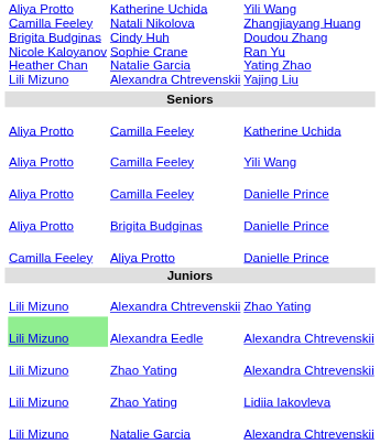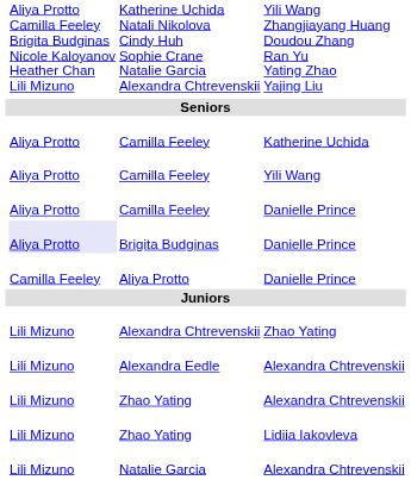 <table>
 <tr bgcolor="DFDFDF">
 </tr>
 <tr>
 <th scope=row style="text-align:left"><br></th>
 <td><br><a href='#'>Aliya Protto</a><br><a href='#'>Camilla Feeley</a><br><a href='#'>Brigita Budginas</a><br><a href='#'>Nicole Kaloyanov</a><br><a href='#'>Heather Chan</a><br><a href='#'>Lili Mizuno</a></td>
 <td><br><a href='#'>Katherine Uchida</a><br><a href='#'>Natali Nikolova</a><br><a href='#'>Cindy Huh</a><br><a href='#'>Sophie Crane</a><br><a href='#'>Natalie Garcia</a><br><a href='#'>Alexandra Chtrevenskii</a></td>
 <td><br><a href='#'>Yili Wang</a><br><a href='#'>Zhangjiayang Huang</a><br><a href='#'>Doudou Zhang</a><br><a href='#'>Ran Yu</a><br><a href='#'>Yating Zhao</a><br><a href='#'>Yajing Liu</a></td>
 </tr>
 <tr>
 </tr>
 <tr bgcolor="DFDFDF">
 <td colspan="5" align="center"><strong>Seniors</strong></td>
 </tr>
 <tr>
 <th scope=row style="text-align:left"><br></th>
 <td><br><a href='#'>Aliya Protto</a></td>
 <td><br><a href='#'>Camilla Feeley</a></td>
 <td><br><a href='#'>Katherine Uchida</a></td>
 </tr>
 <tr>
 <th scope=row style="text-align:left"><br></th>
 <td><br><a href='#'>Aliya Protto</a></td>
 <td><br><a href='#'>Camilla Feeley</a></td>
 <td><br><a href='#'>Yili Wang</a></td>
 </tr>
 <tr>
 <th scope=row style="text-align:left"><br></th>
 <td><br><a href='#'>Aliya Protto</a></td>
 <td><br><a href='#'>Camilla Feeley</a></td>
 <td><br><a href='#'>Danielle Prince</a></td>
 </tr>
 <tr>
 <th scope=row style="text-align:left"><br></th>
-<td><br><a href='#'>Aliya Protto</a></td>
+<td style="background: lavender;"><br><a href='#'>Aliya Protto</a></td>
 <td><br><a href='#'>Brigita Budginas</a></td>
 <td><br><a href='#'>Danielle Prince</a></td>
 </tr>
 <tr>
 <th scope=row style="text-align:left"><br></th>
 <td><br><a href='#'>Camilla Feeley</a></td>
 <td><br><a href='#'>Aliya Protto</a></td>
 <td><br><a href='#'>Danielle Prince</a></td>
 </tr>
 <tr bgcolor="DFDFDF">
 <td colspan="5" align="center"><strong>Juniors</strong></td>
 </tr>
 <tr>
 <th scope=row style="text-align:left"><br></th>
 <td><br><a href='#'>Lili Mizuno</a></td>
 <td><br><a href='#'>Alexandra Chtrevenskii</a></td>
 <td><br><a href='#'>Zhao Yating</a></td>
 </tr>
 <tr>
 <th scope=row style="text-align:left"><br></th>
-<td style="background: lightgreen;"><br><a href='#'>Lili Mizuno</a></td>
+<td><br><a href='#'>Lili Mizuno</a></td>
 <td><br><a href='#'>Alexandra Eedle</a></td>
 <td><br><a href='#'>Alexandra Chtrevenskii</a></td>
 </tr>
 <tr>
 <th scope=row style="text-align:left"><br></th>
 <td><br><a href='#'>Lili Mizuno</a></td>
 <td><br><a href='#'>Zhao Yating</a></td>
 <td><br><a href='#'>Alexandra Chtrevenskii</a></td>
 </tr>
 <tr>
 <th scope=row style="text-align:left"><br></th>
 <td><br><a href='#'>Lili Mizuno</a></td>
 <td><br><a href='#'>Zhao Yating</a></td>
 <td><br><a href='#'>Lidiia Iakovleva</a></td>
 </tr>
 <tr>
 <th scope=row style="text-align:left"><br></th>
 <td><br><a href='#'>Lili Mizuno</a></td>
 <td><br><a href='#'>Natalie Garcia</a></td>
 <td><br><a href='#'>Alexandra Chtrevenskii</a></td>
 </tr>
 </table>
